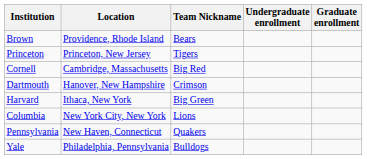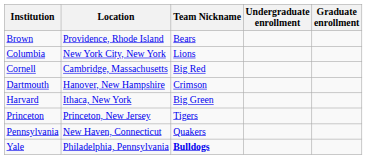 <table class="wikitable" style="text-align:left; margin-right:0" style="text-align: center;">
 <tr>
 <th>Institution</th>
 <th>Location</th>
 <th>Team Nickname</th>
 <th>Undergraduate <br> enrollment</th>
 <th>Graduate <br> enrollment</th>
 </tr>
 <tr>
 <td><a href='#'>Brown</a></td>
 <td><a href='#'>Providence, Rhode Island</a></td>
 <td><a href='#'>Bears</a></td>
 <td></td>
 <td></td>
 </tr>
 <tr>
-<td><a href='#'>Princeton</a></td>
-<td><a href='#'>Princeton, New Jersey</a></td>
-<td><a href='#'>Tigers</a></td>
+<td><a href='#'>Columbia</a></td>
+<td><a href='#'>New York City, New York</a></td>
+<td><a href='#'>Lions</a></td>
 <td></td>
 <td></td>
 </tr>
 <tr>
 <td><a href='#'>Cornell</a></td>
 <td><a href='#'>Cambridge, Massachusetts</a></td>
 <td><a href='#'>Big Red</a></td>
 <td></td>
 <td></td>
 </tr>
 <tr>
 <td><a href='#'>Dartmouth</a></td>
 <td><a href='#'>Hanover, New Hampshire</a></td>
 <td><a href='#'>Crimson</a></td>
 <td></td>
 <td></td>
 </tr>
 <tr>
 <td><a href='#'>Harvard</a></td>
 <td><a href='#'>Ithaca, New York</a></td>
 <td><a href='#'>Big Green</a></td>
 <td></td>
 <td></td>
 </tr>
 <tr>
-<td><a href='#'>Columbia</a></td>
-<td><a href='#'>New York City, New York</a></td>
-<td><a href='#'>Lions</a></td>
+<td><a href='#'>Princeton</a></td>
+<td><a href='#'>Princeton, New Jersey</a></td>
+<td><a href='#'>Tigers</a></td>
 <td></td>
 <td></td>
 </tr>
 <tr>
 <td><a href='#'>Pennsylvania</a></td>
 <td><a href='#'>New Haven, Connecticut</a></td>
 <td><a href='#'>Quakers</a></td>
 <td></td>
 <td></td>
 </tr>
 <tr>
 <td><a href='#'>Yale</a></td>
 <td><a href='#'>Philadelphia, Pennsylvania</a></td>
-<td><a href='#'>Bulldogs</a></td>
+<td><strong><a href='#'>Bulldogs</a></strong></td>
 <td></td>
 <td></td>
 </tr>
 </table>
